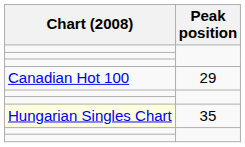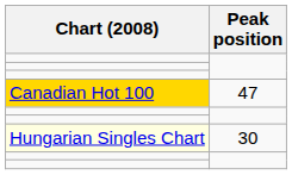 <table class="wikitable sortable">
 <tr>
 <th scope=row>Chart (2008)</th>
 <th scope=row>Peak<br>position</th>
 </tr>
 <tr>
 <td></td>
 </tr>
 <tr>
 <td></td>
 </tr>
 <tr>
 <td></td>
 </tr>
 <tr>
-<td><a href='#'>Canadian Hot 100</a></td>
-<td align="center">29</td>
+<td style="background: gold;"><a href='#'>Canadian Hot 100</a></td>
+<td align="center">47</td>
 </tr>
 <tr>
 <td></td>
 </tr>
 <tr>
 <td></td>
 </tr>
 <tr>
 <td style="background: lightyellow;"><a href='#'>Hungarian Singles Chart</a></td>
-<td align="center">35</td>
+<td align="center">30</td>
 </tr>
 <tr>
 <td></td>
 </tr>
 <tr>
 <td></td>
 </tr>
 </table>
